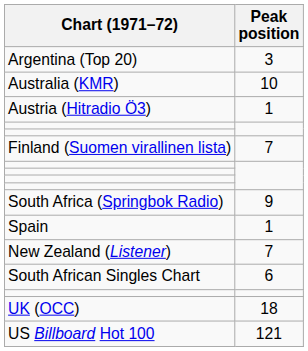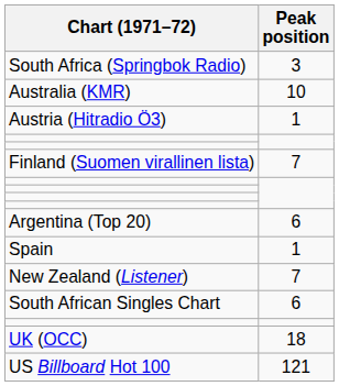 <table class="wikitable sortable floatleft" style="clear: none">
 <tr>
 <th>Chart (1971–72)</th>
 <th>Peak<br>position</th>
 </tr>
 <tr>
-<td>Argentina (Top 20)</td>
+<td>South Africa (<a href='#'>Springbok Radio</a>)</td>
 <td style="text-align:center;">3</td>
 </tr>
 <tr>
 <td>Australia (<a href='#'>KMR</a>)</td>
 <td style="text-align:center;">10</td>
 </tr>
 <tr>
 <td>Austria (<a href='#'>Hitradio Ö3</a>)</td>
 <td align="center">1</td>
 </tr>
 <tr>
 <td></td>
 </tr>
 <tr>
 <td></td>
 </tr>
 <tr>
 <td>Finland (<a href='#'>Suomen virallinen lista</a>)</td>
 <td align="center">7</td>
 </tr>
 <tr>
 <td></td>
 </tr>
 <tr>
 <td></td>
 </tr>
 <tr>
 <td></td>
 </tr>
 <tr>
 <td></td>
 </tr>
 <tr>
-<td>South Africa (<a href='#'>Springbok Radio</a>)</td>
-<td align="center">9</td>
+<td>Argentina (Top 20)</td>
+<td align="center">6</td>
 </tr>
 <tr>
 <td>Spain</td>
 <td style="text-align:center;">1</td>
 </tr>
 <tr>
 <td>New Zealand (<em><a href='#'>Listener</a></em>)</td>
 <td style="text-align:center;">7</td>
 </tr>
 <tr>
 <td>South African Singles Chart</td>
 <td style="text-align:center;">6</td>
 </tr>
 <tr>
 <td></td>
 </tr>
 <tr>
 <td><a href='#'>UK</a> (<a href='#'>OCC</a>)</td>
 <td style="text-align:center;">18</td>
 </tr>
 <tr>
 <td>US <em><a href='#'>Billboard</a></em> <a href='#'>Hot 100</a></td>
 <td style="text-align:center;">121</td>
 </tr>
 </table>
